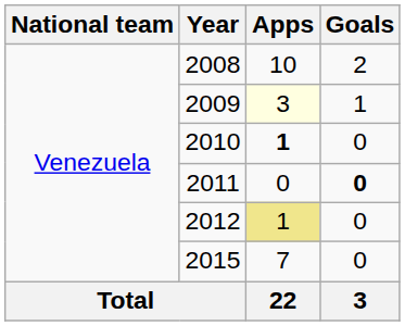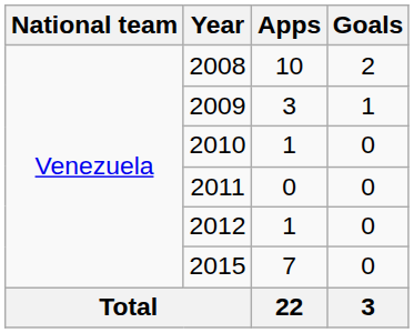 <table class="wikitable" style="text-align:center">
 <tr>
 <th>National team</th>
 <th>Year</th>
 <th>Apps</th>
 <th>Goals</th>
 </tr>
 <tr>
 <td rowspan="6"><a href='#'>Venezuela</a></td>
 <td>2008</td>
 <td>10</td>
 <td>2</td>
 </tr>
 <tr>
 <td>2009</td>
-<td style="background: lightyellow;">3</td>
+<td>3</td>
 <td>1</td>
 </tr>
 <tr>
 <td>2010</td>
-<td><strong>1</strong></td>
+<td>1</td>
 <td>0</td>
 </tr>
 <tr>
 <td>2011</td>
 <td>0</td>
-<td><strong>0</strong></td>
+<td>0</td>
 </tr>
 <tr>
 <td>2012</td>
-<td style="background: khaki;">1</td>
+<td>1</td>
 <td>0</td>
 </tr>
 <tr>
 <td>2015</td>
 <td>7</td>
 <td>0</td>
 </tr>
 <tr>
 <th colspan="2">Total</th>
 <th>22</th>
 <th>3</th>
 </tr>
 </table>
